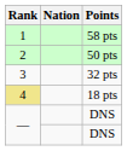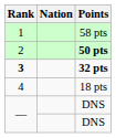 <table class="wikitable sortable" style="text-align:center">
 <tr>
 <th>Rank</th>
 <th>Nation</th>
 <th>Points</th>
 </tr>
 <tr style="background-color:#ccffcc">
 <td>1</td>
 <td align=left></td>
 <td>58 pts</td>
 </tr>
 <tr style="background-color:#ccffcc">
 <td>2</td>
 <td align=left></td>
-<td>50 pts</td>
+<td><strong>50 pts</strong></td>
 </tr>
 <tr>
-<td>3</td>
+<td><strong>3</strong></td>
 <td align=left></td>
-<td>32 pts</td>
+<td><strong>32 pts</strong></td>
 </tr>
 <tr>
-<td style="background: khaki;">4</td>
+<td>4</td>
 <td align=left></td>
 <td>18 pts</td>
 </tr>
 <tr>
 <td rowspan=2>—</td>
 <td align=left></td>
 <td>DNS</td>
 </tr>
 <tr>
 <td align=left></td>
 <td>DNS</td>
 </tr>
 </table>
